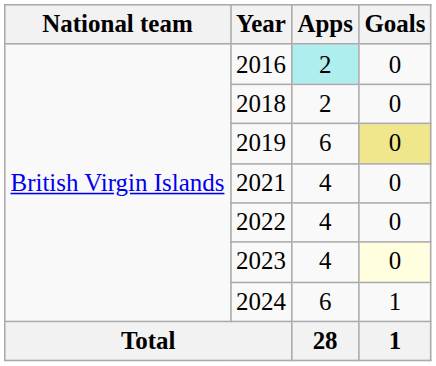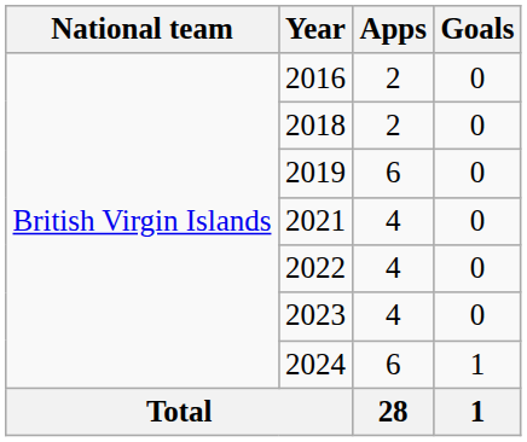 <table class="wikitable" style="text-align:center">
 <tr>
 <th>National team</th>
 <th>Year</th>
 <th>Apps</th>
 <th>Goals</th>
 </tr>
 <tr>
 <td rowspan="7"><a href='#'>British Virgin Islands</a></td>
 <td>2016</td>
-<td style="background: paleturquoise;">2</td>
+<td>2</td>
 <td>0</td>
 </tr>
 <tr>
 <td>2018</td>
 <td>2</td>
 <td>0</td>
 </tr>
 <tr>
 <td>2019</td>
 <td>6</td>
-<td style="background: khaki;">0</td>
+<td>0</td>
 </tr>
 <tr>
 <td>2021</td>
 <td>4</td>
 <td>0</td>
 </tr>
 <tr>
 <td>2022</td>
 <td>4</td>
 <td>0</td>
 </tr>
 <tr>
 <td>2023</td>
 <td>4</td>
-<td style="background: lightyellow;">0</td>
+<td>0</td>
 </tr>
 <tr>
 <td>2024</td>
 <td>6</td>
 <td>1</td>
 </tr>
 <tr>
 <th colspan="2">Total</th>
 <th>28</th>
 <th>1</th>
 </tr>
 </table>
